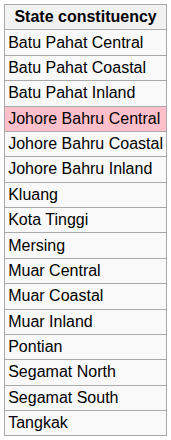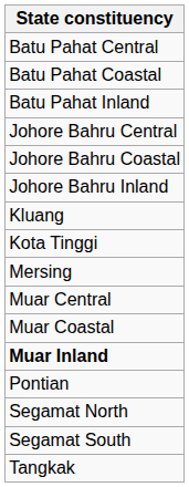 <table class=wikitable>
 <tr>
 <th>State constituency</th>
 </tr>
 <tr>
 <td>Batu Pahat Central</td>
 </tr>
 <tr>
 <td>Batu Pahat Coastal</td>
 </tr>
 <tr>
 <td>Batu Pahat Inland</td>
 </tr>
 <tr>
-<td style="background: pink;">Johore Bahru Central</td>
+<td>Johore Bahru Central</td>
 </tr>
 <tr>
 <td>Johore Bahru Coastal</td>
 </tr>
 <tr>
 <td>Johore Bahru Inland</td>
 </tr>
 <tr>
 <td>Kluang</td>
 </tr>
 <tr>
 <td>Kota Tinggi</td>
 </tr>
 <tr>
 <td>Mersing</td>
 </tr>
 <tr>
 <td>Muar Central</td>
 </tr>
 <tr>
 <td>Muar Coastal</td>
 </tr>
 <tr>
-<td>Muar Inland</td>
+<td><strong>Muar Inland</strong></td>
 </tr>
 <tr>
 <td>Pontian</td>
 </tr>
 <tr>
 <td>Segamat North</td>
 </tr>
 <tr>
 <td>Segamat South</td>
 </tr>
 <tr>
 <td>Tangkak</td>
 </tr>
 </table>
